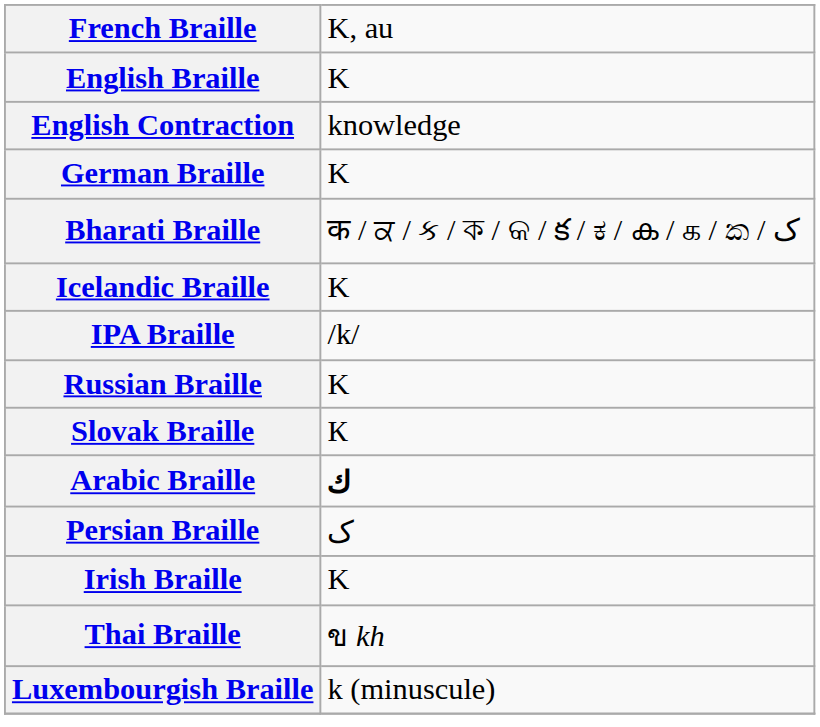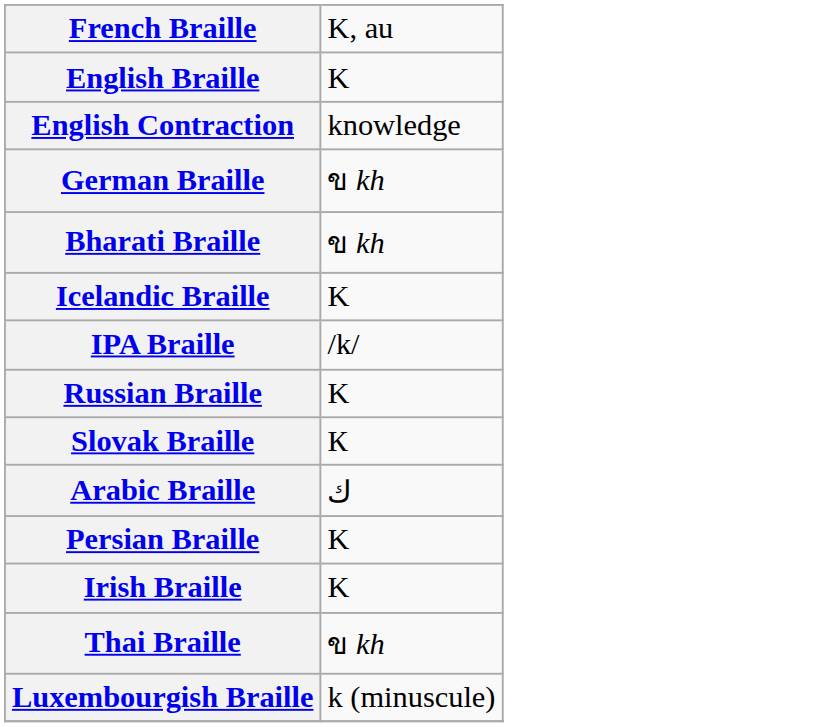 <table class="wikitable">
 <tr>
 <th align=left><a href='#'>French Braille</a></th>
 <td>K, au</td>
 </tr>
 <tr>
 <th align=left><a href='#'>English Braille</a></th>
 <td>K</td>
 </tr>
 <tr>
 <th align=left><a href='#'>English Contraction</a></th>
 <td>knowledge</td>
 </tr>
 <tr>
 <th align=left><a href='#'>German Braille</a></th>
-<td>K</td>
+<td>ข <em>kh</em></td>
 </tr>
 <tr>
 <th align=left><a href='#'>Bharati Braille</a></th>
-<td>क / ਕ / ક / ক / କ / క / ಕ / ക / க / ක / ک ‎</td>
+<td>ข <em>kh</em></td>
 </tr>
 <tr>
 <th align=left><a href='#'>Icelandic Braille</a></th>
 <td>K</td>
 </tr>
 <tr>
 <th align=left><a href='#'>IPA Braille</a></th>
 <td>/k/</td>
 </tr>
 <tr>
 <th align=left><a href='#'>Russian Braille</a></th>
 <td>K</td>
 </tr>
 <tr>
 <th align=left><a href='#'>Slovak Braille</a></th>
 <td>К</td>
 </tr>
 <tr>
 <th align=left><a href='#'>Arabic Braille</a></th>
-<td><strong>ك</strong></td>
+<td>ك</td>
 </tr>
 <tr>
 <th align=left><a href='#'>Persian Braille</a></th>
-<td>ک</td>
+<td>K</td>
 </tr>
 <tr>
 <th align=left><a href='#'>Irish Braille</a></th>
 <td>K</td>
 </tr>
 <tr>
 <th align=left><a href='#'>Thai Braille</a></th>
 <td>ข <em>kh</em></td>
 </tr>
 <tr>
 <th align=left><a href='#'>Luxembourgish Braille</a></th>
 <td>k (minuscule)</td>
 </tr>
 <tr>
 </tr>
 </table>
